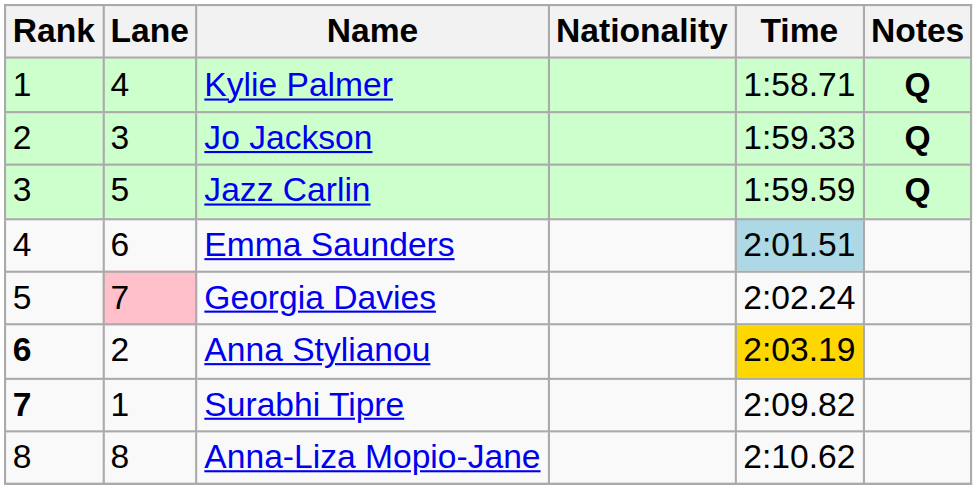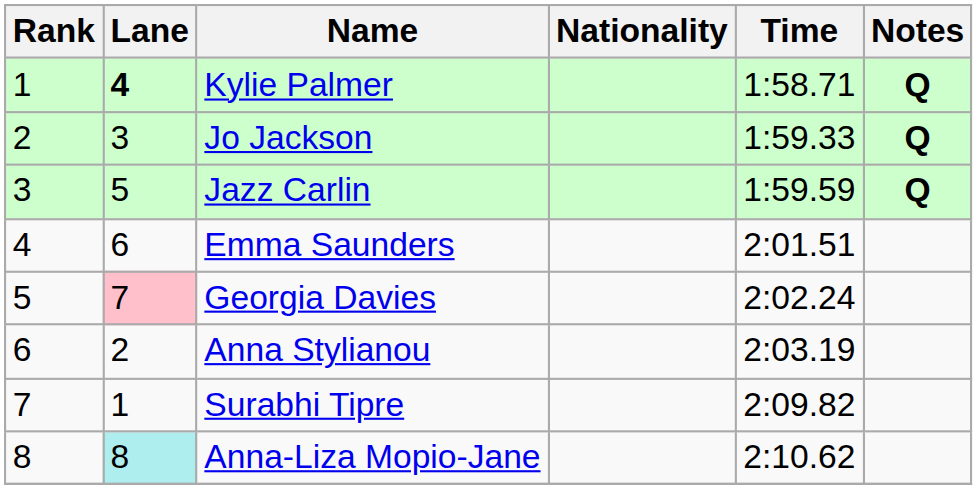 <table class="wikitable">
 <tr>
 <th>Rank</th>
 <th>Lane</th>
 <th>Name</th>
 <th>Nationality</th>
 <th>Time</th>
 <th>Notes</th>
 </tr>
 <tr style="background:#CCFFCC;">
 <td>1</td>
-<td>4</td>
+<td><strong>4</strong></td>
 <td><a href='#'>Kylie Palmer</a></td>
 <td></td>
 <td>1:58.71</td>
 <td style="text-align:center;"><strong>Q</strong></td>
 </tr>
 <tr style="background:#CCFFCC;">
 <td>2</td>
 <td>3</td>
 <td><a href='#'>Jo Jackson</a></td>
 <td></td>
 <td>1:59.33</td>
 <td style="text-align:center;"><strong>Q</strong></td>
 </tr>
 <tr style="background:#CCFFCC;">
 <td>3</td>
 <td>5</td>
 <td><a href='#'>Jazz Carlin</a></td>
 <td></td>
 <td>1:59.59</td>
 <td style="text-align:center;"><strong>Q</strong></td>
 </tr>
 <tr>
 <td>4</td>
 <td>6</td>
 <td><a href='#'>Emma Saunders</a></td>
 <td></td>
-<td style="background: lightblue;">2:01.51</td>
+<td>2:01.51</td>
 <td></td>
 </tr>
 <tr>
 <td>5</td>
 <td style="background: pink;">7</td>
 <td><a href='#'>Georgia Davies</a></td>
 <td></td>
 <td>2:02.24</td>
 <td></td>
 </tr>
 <tr>
-<td><strong>6</strong></td>
+<td>6</td>
 <td>2</td>
 <td><a href='#'>Anna Stylianou</a></td>
 <td></td>
-<td style="background: gold;">2:03.19</td>
+<td>2:03.19</td>
 <td></td>
 </tr>
 <tr>
-<td><strong>7</strong></td>
+<td>7</td>
 <td>1</td>
 <td><a href='#'>Surabhi Tipre</a></td>
 <td></td>
 <td>2:09.82</td>
 <td></td>
 </tr>
 <tr>
 <td>8</td>
-<td>8</td>
+<td style="background: paleturquoise;">8</td>
 <td><a href='#'>Anna-Liza Mopio-Jane</a></td>
 <td></td>
 <td>2:10.62</td>
 <td></td>
 </tr>
 <tr>
 </tr>
 </table>
